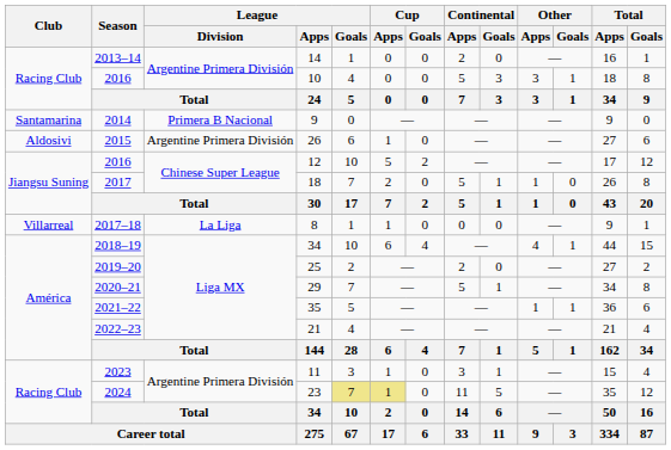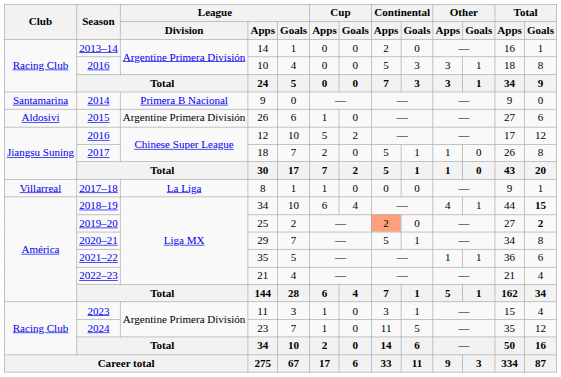 <table class="wikitable" style="text-align:center">
 <tr>
 <th rowspan="2">Club</th>
 <th rowspan="2">Season</th>
 <th colspan="3">League</th>
 <th colspan="2">Cup</th>
 <th colspan="2">Continental</th>
 <th colspan="2">Other</th>
 <th colspan="2">Total</th>
 </tr>
 <tr>
 <th>Division</th>
 <th>Apps</th>
 <th>Goals</th>
 <th>Apps</th>
 <th>Goals</th>
 <th>Apps</th>
 <th>Goals</th>
 <th>Apps</th>
 <th>Goals</th>
 <th>Apps</th>
 <th>Goals</th>
 </tr>
 <tr>
 <td rowspan="3"><a href='#'>Racing Club</a></td>
 <td><a href='#'>2013–14</a></td>
 <td rowspan="2"><a href='#'>Argentine Primera División</a></td>
 <td>14</td>
 <td>1</td>
 <td>0</td>
 <td>0</td>
 <td>2</td>
 <td>0</td>
 <td colspan="2">—</td>
 <td>16</td>
 <td>1</td>
 </tr>
 <tr>
 <td><a href='#'>2016</a></td>
 <td>10</td>
 <td>4</td>
 <td>0</td>
 <td>0</td>
 <td>5</td>
 <td>3</td>
 <td>3</td>
 <td>1</td>
 <td>18</td>
 <td>8</td>
 </tr>
 <tr>
 <th colspan="2">Total</th>
 <th>24</th>
 <th>5</th>
 <th>0</th>
 <th>0</th>
 <th>7</th>
 <th>3</th>
 <th>3</th>
 <th>1</th>
 <th>34</th>
 <th>9</th>
 </tr>
 <tr>
 <td><a href='#'>Santamarina</a></td>
 <td><a href='#'>2014</a></td>
 <td><a href='#'>Primera B Nacional</a></td>
 <td>9</td>
 <td>0</td>
 <td colspan="2">—</td>
 <td colspan="2">—</td>
 <td colspan="2">—</td>
 <td>9</td>
 <td>0</td>
 </tr>
 <tr>
 <td><a href='#'>Aldosivi</a></td>
 <td><a href='#'>2015</a></td>
 <td>Argentine Primera División</td>
 <td>26</td>
 <td>6</td>
 <td>1</td>
 <td>0</td>
 <td colspan="2">—</td>
 <td colspan="2">—</td>
 <td>27</td>
 <td>6</td>
 </tr>
 <tr>
 <td rowspan="3"><a href='#'>Jiangsu Suning</a></td>
 <td><a href='#'>2016</a></td>
 <td rowspan="2"><a href='#'>Chinese Super League</a></td>
 <td>12</td>
 <td>10</td>
 <td>5</td>
 <td>2</td>
 <td colspan="2">—</td>
 <td colspan="2">—</td>
 <td>17</td>
 <td>12</td>
 </tr>
 <tr>
 <td><a href='#'>2017</a></td>
 <td>18</td>
 <td>7</td>
 <td>2</td>
 <td>0</td>
 <td>5</td>
 <td>1</td>
 <td>1</td>
 <td>0</td>
 <td>26</td>
 <td>8</td>
 </tr>
 <tr>
 <th colspan="2">Total</th>
 <th>30</th>
 <th>17</th>
 <th>7</th>
 <th>2</th>
 <th>5</th>
 <th>1</th>
 <th>1</th>
 <th>0</th>
 <th>43</th>
 <th>20</th>
 </tr>
 <tr>
 <td><a href='#'>Villarreal</a></td>
 <td><a href='#'>2017–18</a></td>
 <td><a href='#'>La Liga</a></td>
 <td>8</td>
 <td>1</td>
 <td>1</td>
 <td>0</td>
 <td>0</td>
 <td>0</td>
 <td colspan="2">—</td>
 <td>9</td>
 <td>1</td>
 </tr>
 <tr>
 <td rowspan="6"><a href='#'>América</a></td>
 <td><a href='#'>2018–19</a></td>
 <td rowspan="5"><a href='#'>Liga MX</a></td>
 <td>34</td>
 <td>10</td>
 <td>6</td>
 <td>4</td>
 <td colspan="2">—</td>
 <td>4</td>
 <td>1</td>
 <td>44</td>
-<td>15</td>
+<td><strong>15</strong></td>
 </tr>
 <tr>
 <td><a href='#'>2019–20</a></td>
 <td>25</td>
 <td>2</td>
 <td colspan="2">—</td>
-<td>2</td>
+<td style="background: lightsalmon;">2</td>
 <td>0</td>
 <td colspan="2">—</td>
 <td>27</td>
-<td>2</td>
+<td><strong>2</strong></td>
 </tr>
 <tr>
 <td><a href='#'>2020–21</a></td>
 <td>29</td>
 <td>7</td>
 <td colspan="2">—</td>
 <td>5</td>
 <td>1</td>
 <td colspan="2">—</td>
 <td>34</td>
 <td>8</td>
 </tr>
 <tr>
 <td><a href='#'>2021–22</a></td>
 <td>35</td>
 <td>5</td>
 <td colspan="2">—</td>
 <td colspan="2">—</td>
 <td>1</td>
 <td>1</td>
 <td>36</td>
 <td>6</td>
 </tr>
 <tr>
 <td><a href='#'>2022–23</a></td>
 <td>21</td>
 <td>4</td>
 <td colspan="2">—</td>
 <td colspan="2">—</td>
 <td colspan="2">—</td>
 <td>21</td>
 <td>4</td>
 </tr>
 <tr>
 <th colspan="2">Total</th>
 <th>144</th>
 <th>28</th>
 <th>6</th>
 <th>4</th>
 <th>7</th>
 <th>1</th>
 <th>5</th>
 <th>1</th>
 <th>162</th>
 <th>34</th>
 </tr>
 <tr>
 <td rowspan="3"><a href='#'>Racing Club</a></td>
 <td><a href='#'>2023</a></td>
 <td rowspan="2">Argentine Primera División</td>
 <td>11</td>
 <td>3</td>
 <td>1</td>
 <td>0</td>
 <td>3</td>
 <td>1</td>
 <td colspan="2">—</td>
 <td>15</td>
 <td>4</td>
 </tr>
 <tr>
 <td><a href='#'>2024</a></td>
 <td>23</td>
-<td style="background: khaki;">7</td>
-<td style="background: khaki;">1</td>
+<td>7</td>
+<td>1</td>
 <td>0</td>
 <td>11</td>
 <td>5</td>
 <td colspan="2">—</td>
 <td>35</td>
 <td>12</td>
 </tr>
 <tr>
 <th colspan="2">Total</th>
 <th>34</th>
 <th>10</th>
 <th>2</th>
 <th>0</th>
 <th>14</th>
 <th>6</th>
 <th colspan="2">—</th>
 <th>50</th>
 <th>16</th>
 </tr>
 <tr>
 <th colspan="3">Career total</th>
 <th>275</th>
 <th>67</th>
 <th>17</th>
 <th>6</th>
 <th>33</th>
 <th>11</th>
 <th>9</th>
 <th>3</th>
 <th>334</th>
 <th>87</th>
 </tr>
 </table>
